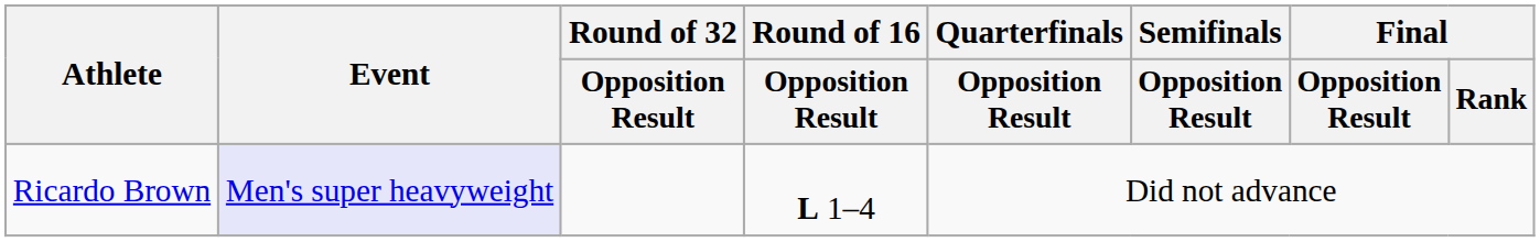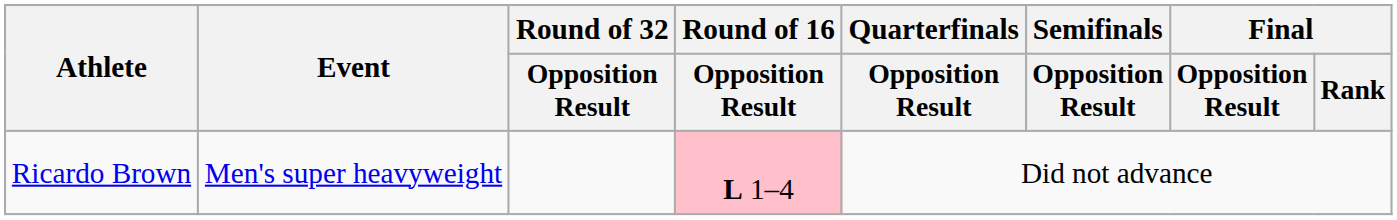 <table class="wikitable" style="font-size:90%">
 <tr>
 <th rowspan="2">Athlete</th>
 <th rowspan="2">Event</th>
 <th>Round of 32</th>
 <th>Round of 16</th>
 <th>Quarterfinals</th>
 <th>Semifinals</th>
 <th colspan=2>Final</th>
 </tr>
 <tr style="font-size:95%">
 <th>Opposition<br>Result</th>
 <th>Opposition<br>Result</th>
 <th>Opposition<br>Result</th>
 <th>Opposition<br>Result</th>
 <th>Opposition<br>Result</th>
 <th>Rank</th>
 </tr>
 <tr align=center>
 <td align=left><a href='#'>Ricardo Brown</a></td>
-<td align=left style="background: lavender;"><a href='#'>Men's super heavyweight</a></td>
+<td align=left><a href='#'>Men's super heavyweight</a></td>
 <td></td>
-<td><br> <strong>L</strong> 1–4</td>
+<td style="background: pink;"><br> <strong>L</strong> 1–4</td>
 <td colspan="4">Did not advance</td>
 </tr>
 </table>
